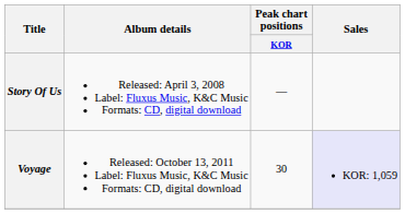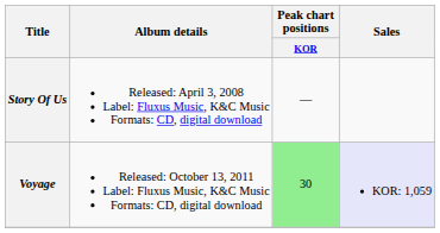 <table class="wikitable plainrowheaders" style="text-align:center;">
 <tr>
 <th scope="col" rowspan="2">Title</th>
 <th scope="col" rowspan="2">Album details</th>
 <th scope="col" colspan="1" style="width:5em;">Peak chart positions</th>
 <th scope="col" rowspan="2">Sales</th>
 </tr>
 <tr>
 <th><small><a href='#'>KOR</a></small><br></th>
 </tr>
 <tr>
 <th scope="row"><em>Story Of Us</em></th>
 <td><br><ul><li>Released: April 3, 2008</li><li>Label: <a href='#'>Fluxus Music</a>, K&C Music</li><li>Formats: <a href='#'>CD</a>, <a href='#'>digital download</a></li></ul></td>
 <td>—</td>
 <td></td>
 </tr>
 <tr>
 <th scope="row"><em>Voyage</em></th>
 <td><br><ul><li>Released: October 13, 2011</li><li>Label: Fluxus Music, K&C Music</li><li>Formats: CD, digital download</li></ul></td>
-<td>30</td>
+<td style="background: lightgreen;">30</td>
 <td style="background: lavender;"><br><ul><li>KOR: 1,059</li></ul></td>
 </tr>
 <tr>
 </tr>
 </table>
